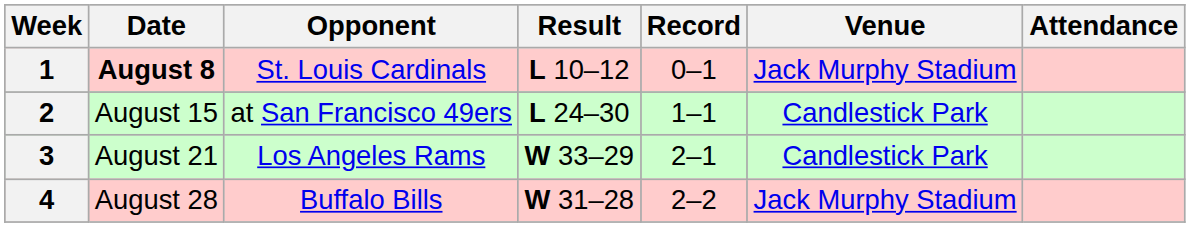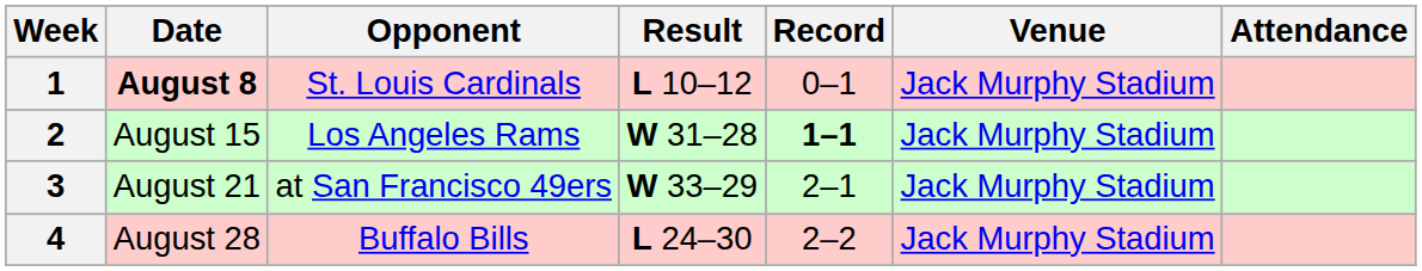 <table class="wikitable" style="text-align:center">
 <tr>
 <th>Week</th>
 <th>Date</th>
 <th>Opponent</th>
 <th>Result</th>
 <th>Record</th>
 <th>Venue</th>
 <th>Attendance</th>
 </tr>
 <tr style="background: #fcc;">
 <th scope="row">1</th>
 <td><strong>August 8</strong></td>
 <td><a href='#'>St. Louis Cardinals</a></td>
 <td><strong>L</strong> 10–12</td>
 <td>0–1</td>
 <td><a href='#'>Jack Murphy Stadium</a></td>
 <td></td>
 </tr>
 <tr style="background: #cfc;">
 <th scope="row">2</th>
 <td>August 15</td>
-<td>at <a href='#'>San Francisco 49ers</a></td>
-<td><strong>L</strong> 24–30</td>
-<td>1–1</td>
-<td><a href='#'>Candlestick Park</a></td>
+<td><a href='#'>Los Angeles Rams</a></td>
+<td><strong>W</strong> 31–28</td>
+<td><strong>1–1</strong></td>
+<td><a href='#'>Jack Murphy Stadium</a></td>
 <td></td>
 </tr>
 <tr style="background: #cfc;">
 <th scope="row">3</th>
 <td>August 21</td>
-<td><a href='#'>Los Angeles Rams</a></td>
+<td>at <a href='#'>San Francisco 49ers</a></td>
 <td><strong>W</strong> 33–29</td>
 <td>2–1</td>
-<td><a href='#'>Candlestick Park</a></td>
+<td><a href='#'>Jack Murphy Stadium</a></td>
 <td></td>
 </tr>
 <tr style="background: #fcc;">
 <th scope="row">4</th>
 <td>August 28</td>
 <td><a href='#'>Buffalo Bills</a></td>
-<td><strong>W</strong> 31–28</td>
+<td><strong>L</strong> 24–30</td>
 <td>2–2</td>
 <td><a href='#'>Jack Murphy Stadium</a></td>
 <td></td>
 </tr>
 </table>
